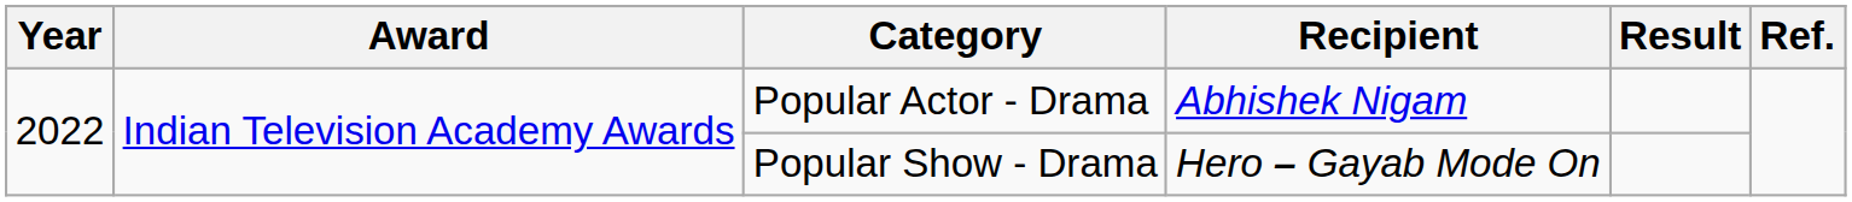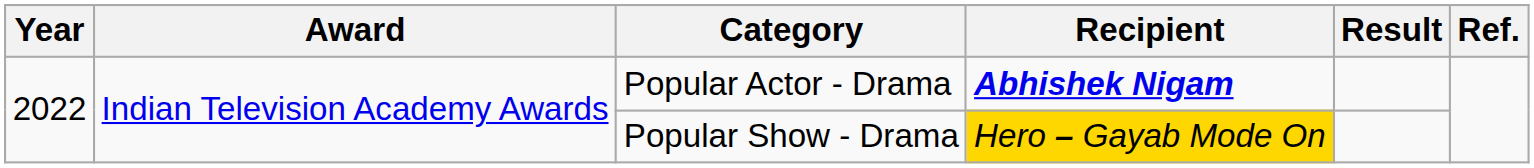 <table class="wikitable">
 <tr>
 <th>Year</th>
 <th>Award</th>
 <th>Category</th>
 <th>Recipient</th>
 <th>Result</th>
 <th>Ref.</th>
 </tr>
 <tr>
 <td rowspan="2">2022</td>
 <td rowspan="2"><a href='#'>Indian Television Academy Awards</a></td>
 <td>Popular Actor - Drama</td>
-<td><em><a href='#'>Abhishek Nigam</a></em></td>
+<td><strong><em><a href='#'>Abhishek Nigam</a></em></strong></td>
 <td></td>
 <td rowspan="2"></td>
 </tr>
 <tr>
 <td>Popular Show - Drama</td>
-<td><em>Hero <strong>–</strong> Gayab Mode On</em></td>
+<td style="background: gold;"><em>Hero <strong>–</strong> Gayab Mode On</em></td>
 <td></td>
 </tr>
 </table>
